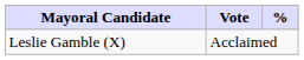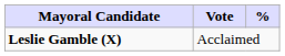 <table class="wikitable">
 <tr>
 <th style="background:#ddf; width:200px;">Mayoral Candidate </th>
 <th style="background:#ddf; width:50px;">Vote</th>
 <th style="background:#ddf; width:30px;">%</th>
 </tr>
 <tr>
-<td>Leslie Gamble (X)</td>
+<td><strong>Leslie Gamble (X)</strong></td>
 <td colspan="2">Acclaimed</td>
 </tr>
 </table>
